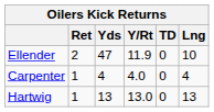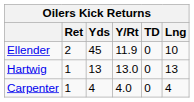 <table class="wikitable">
 <tr>
 <th colspan="6">Oilers Kick Returns</th>
 </tr>
 <tr>
 <th></th>
 <th>Ret</th>
 <th>Yds</th>
 <th>Y/Rt</th>
 <th>TD</th>
 <th>Lng</th>
 </tr>
 <tr>
 <td><a href='#'>Ellender</a></td>
 <td>2</td>
-<td>47</td>
+<td>45</td>
 <td>11.9</td>
 <td>0</td>
 <td>10</td>
+</tr>
+<tr>
+<td><a href='#'>Hartwig</a></td>
+<td>1</td>
+<td>13</td>
+<td>13.0</td>
+<td>0</td>
+<td>13</td>
 </tr>
 <tr>
 <td><a href='#'>Carpenter</a></td>
 <td>1</td>
 <td>4</td>
 <td>4.0</td>
 <td>0</td>
 <td>4</td>
 </tr>
-<tr>
-<td><a href='#'>Hartwig</a></td>
-<td>1</td>
-<td>13</td>
-<td>13.0</td>
-<td>0</td>
-<td>13</td>
-</tr>
 </table>
